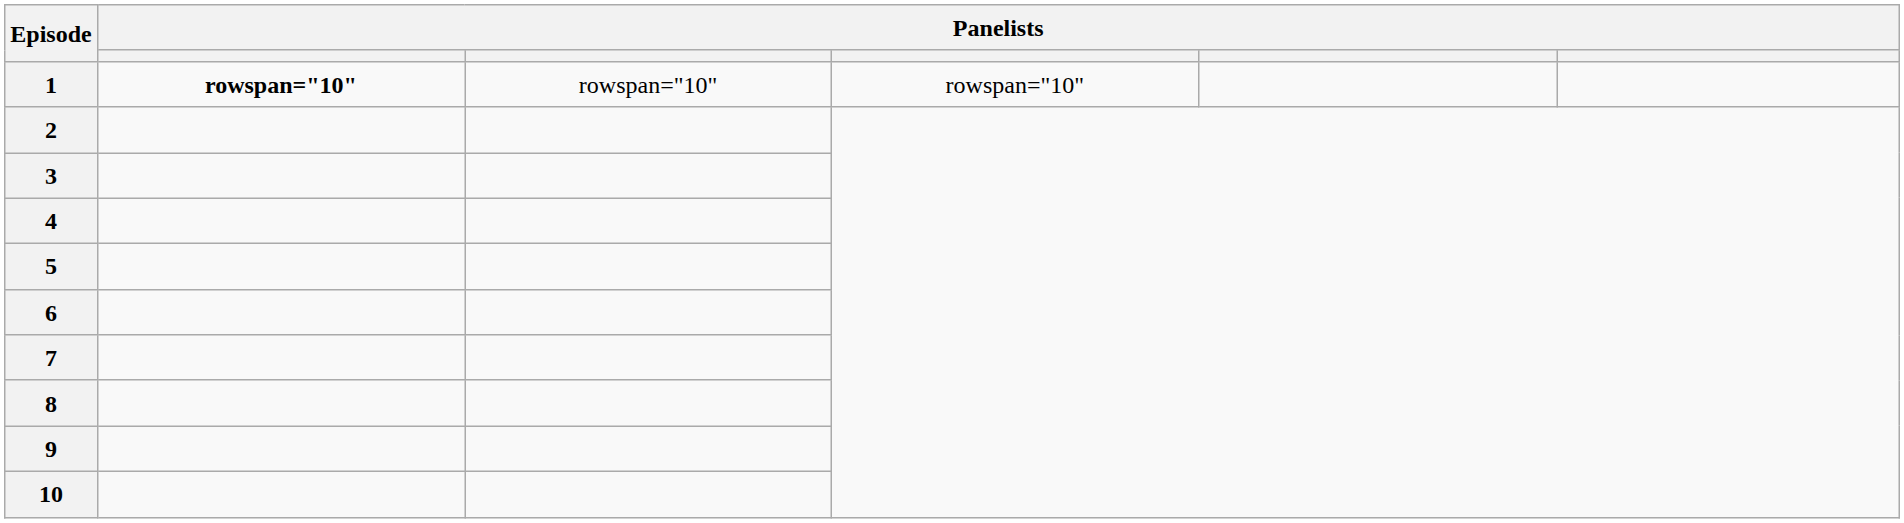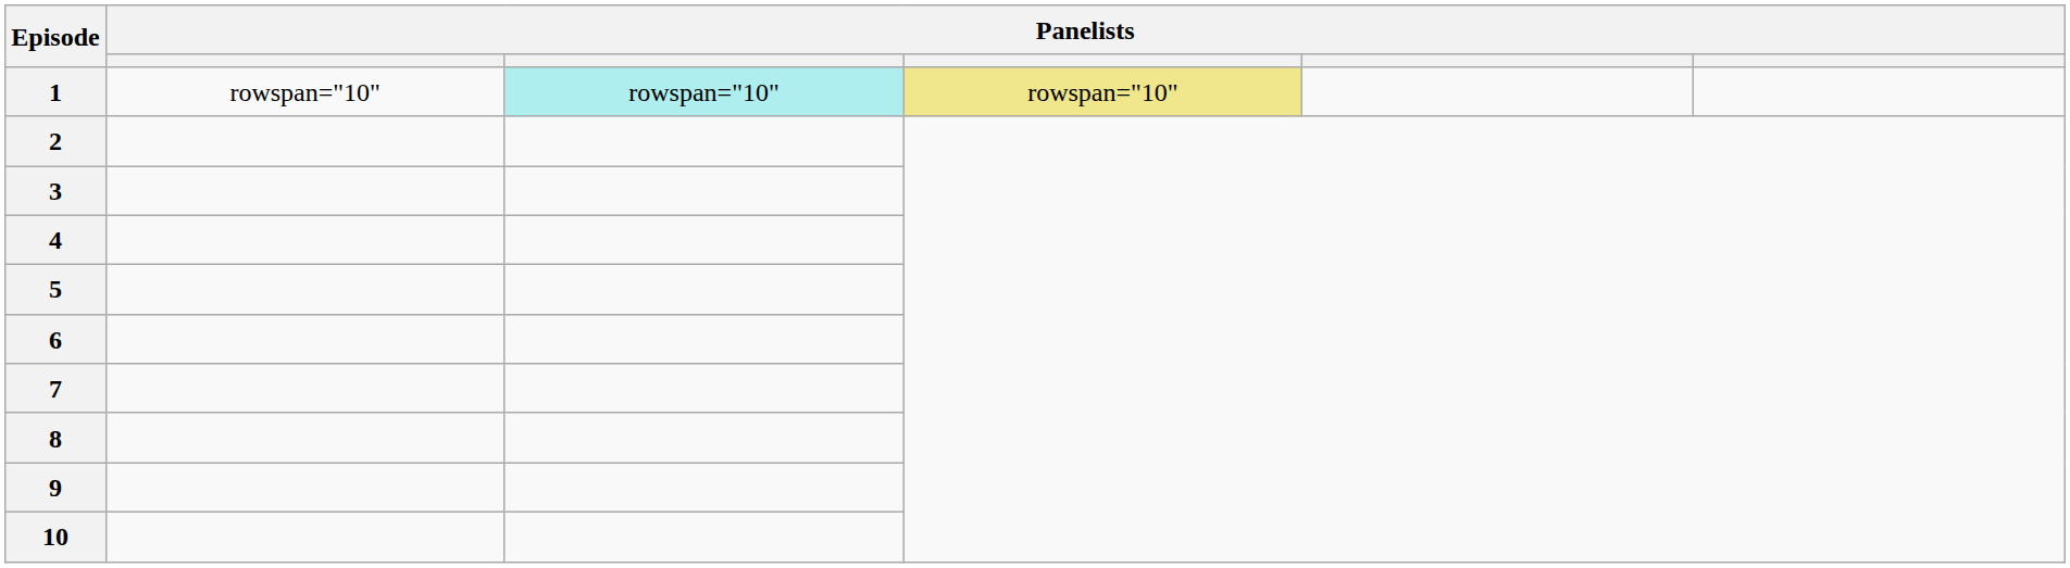 <table class="wikitable plainrowheaders mw-collapsible" style="text-align:center; line-height:23px; width:100%;">
 <tr>
 <th rowspan=2 width=1%>Episode</th>
 <th colspan=5>Panelists</th>
 </tr>
 <tr>
 <th width="20%"></th>
 <th width="20%"></th>
 <th width="20%"></th>
 <th width="20%"></th>
 <th width="20%"></th>
 </tr>
 <tr>
 <th>1</th>
-<td><strong>rowspan="10" </strong></td>
 <td>rowspan="10" </td>
-<td>rowspan="10" </td>
+<td style="background: paleturquoise;">rowspan="10" </td>
+<td style="background: khaki;">rowspan="10" </td>
 <td></td>
 <td></td>
 </tr>
 <tr>
 <th>2</th>
 <td></td>
 <td></td>
 </tr>
 <tr>
 <th>3</th>
 <td></td>
 <td></td>
 </tr>
 <tr>
 <th>4</th>
 <td></td>
 <td></td>
 </tr>
 <tr>
 <th>5</th>
 <td></td>
 <td></td>
 </tr>
 <tr>
 <th>6</th>
 <td></td>
 <td></td>
 </tr>
 <tr>
 <th>7</th>
 <td></td>
 <td></td>
 </tr>
 <tr>
 <th>8</th>
 <td></td>
 <td></td>
 </tr>
 <tr>
 <th>9</th>
 <td></td>
 <td></td>
 </tr>
 <tr>
 <th>10</th>
 <td></td>
 <td></td>
 </tr>
 </table>
